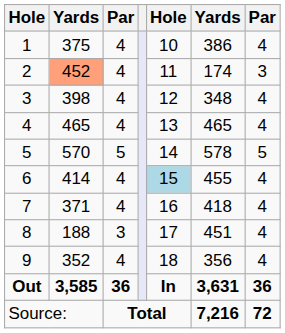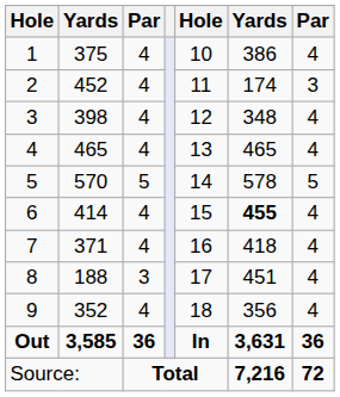 <table class="wikitable" style="text-align:center;">
 <tr>
 <th>Hole</th>
 <th>Yards</th>
 <th>Par</th>
 <th></th>
 <th>Hole</th>
 <th>Yards</th>
 <th>Par</th>
 </tr>
 <tr>
 <td>1</td>
 <td>375</td>
 <td>4</td>
 <td rowspan=10 style="background:#E6E8FA;"></td>
 <td>10</td>
 <td>386</td>
 <td>4</td>
 </tr>
 <tr>
 <td>2</td>
-<td style="background: lightsalmon;">452</td>
+<td>452</td>
 <td>4</td>
 <td>11</td>
 <td>174</td>
 <td>3</td>
 </tr>
 <tr>
 <td>3</td>
 <td>398</td>
 <td>4</td>
 <td>12</td>
 <td>348</td>
 <td>4</td>
 </tr>
 <tr>
 <td>4</td>
 <td>465</td>
 <td>4</td>
 <td>13</td>
 <td>465</td>
 <td>4</td>
 </tr>
 <tr>
 <td>5</td>
 <td>570</td>
 <td>5</td>
 <td>14</td>
 <td>578</td>
 <td>5</td>
 </tr>
 <tr>
 <td>6</td>
 <td>414</td>
 <td>4</td>
-<td style="background: lightblue;">15</td>
-<td>455</td>
+<td>15</td>
+<td><strong>455</strong></td>
 <td>4</td>
 </tr>
 <tr>
 <td>7</td>
 <td>371</td>
 <td>4</td>
 <td>16</td>
 <td>418</td>
 <td>4</td>
 </tr>
 <tr>
 <td>8</td>
 <td>188</td>
 <td>3</td>
 <td>17</td>
 <td>451</td>
 <td>4</td>
 </tr>
 <tr>
 <td>9</td>
 <td>352</td>
 <td>4</td>
 <td>18</td>
 <td>356</td>
 <td>4</td>
 </tr>
 <tr>
 <td><strong>Out</strong></td>
 <td><strong>3,585</strong></td>
 <td><strong>36</strong></td>
 <td><strong>In</strong></td>
 <td><strong>3,631</strong></td>
 <td><strong>36</strong></td>
 </tr>
 <tr>
 <td colspan="2" style="text-align:left;">Source:</td>
 <td colspan=3><strong>Total</strong></td>
 <td><strong>7,216</strong></td>
 <td><strong>72</strong></td>
 </tr>
 </table>
